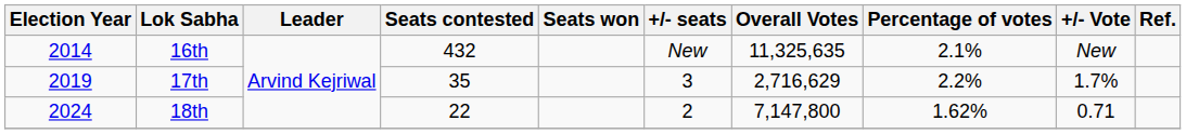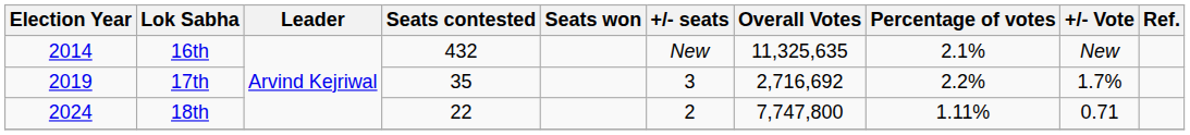 <table class="wikitable" style="text-align:center">
 <tr>
 <th Style="background-color:">Election Year</th>
 <th Style="background-color:">Lok Sabha</th>
 <th Style="background-color:">Leader</th>
 <th Style="background-color:">Seats contested</th>
 <th Style="background-color:">Seats won</th>
 <th Style="background-color:">+/- seats</th>
 <th Style="background-color:">Overall Votes</th>
 <th Style="background-color:">Percentage of votes</th>
 <th Style="background-color:">+/- Vote</th>
 <th Style="background-color:">Ref.</th>
 </tr>
 <tr>
 <td><a href='#'>2014</a></td>
 <td><a href='#'>16th</a></td>
 <td rowspan="3"><a href='#'>Arvind Kejriwal</a></td>
 <td>432</td>
 <td></td>
 <td><em>New</em></td>
 <td>11,325,635</td>
 <td>2.1%</td>
 <td><em>New</em></td>
 <td></td>
 </tr>
 <tr>
 <td><a href='#'>2019</a></td>
 <td><a href='#'>17th</a></td>
 <td>35</td>
 <td></td>
 <td> 3</td>
-<td>2,716,629</td>
+<td>2,716,692</td>
 <td>2.2%</td>
 <td> 1.7%</td>
 <td></td>
 </tr>
 <tr>
 <td><a href='#'>2024</a></td>
 <td><a href='#'>18th</a></td>
 <td>22</td>
 <td></td>
 <td> 2</td>
-<td>7,147,800</td>
-<td>1.62%</td>
+<td>7,747,800</td>
+<td>1.11%</td>
 <td> 0.71</td>
 <td></td>
 </tr>
 <tr>
 </tr>
 </table>
